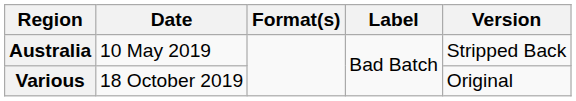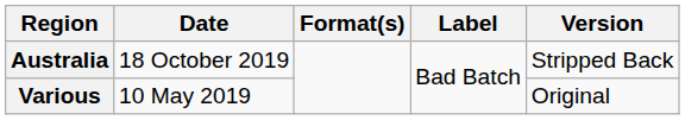 <table class="wikitable plainrowheaders">
 <tr>
 <th scope="col">Region</th>
 <th scope="col">Date</th>
 <th scope="col">Format(s)</th>
 <th scope="col">Label</th>
 <th scope="col">Version</th>
 </tr>
 <tr>
 <th scope="row">Australia</th>
-<td>10 May 2019</td>
+<td>18 October 2019</td>
 <td rowspan="2"></td>
 <td rowspan="2">Bad Batch</td>
 <td>Stripped Back</td>
 </tr>
 <tr>
 <th scope="row">Various</th>
-<td>18 October 2019</td>
+<td>10 May 2019</td>
 <td>Original</td>
 </tr>
 </table>
